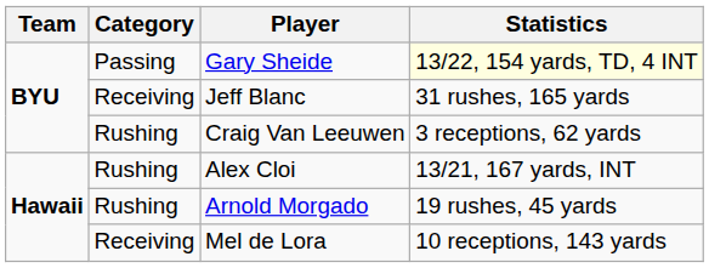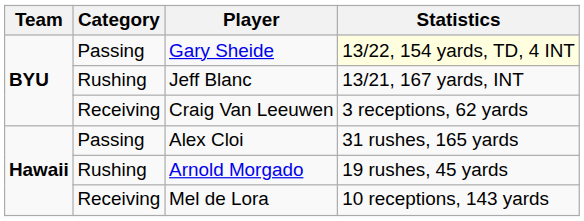 <table class="wikitable" style="float: left;">
 <tr>
 <th>Team</th>
 <th>Category</th>
 <th>Player</th>
 <th>Statistics</th>
 </tr>
 <tr>
 <td rowspan=3><strong>BYU</strong></td>
 <td>Passing</td>
 <td><a href='#'>Gary Sheide</a></td>
 <td style="background: lightyellow;">13/22, 154 yards, TD, 4 INT</td>
 </tr>
 <tr>
-<td>Receiving</td>
+<td>Rushing</td>
 <td>Jeff Blanc</td>
-<td>31 rushes, 165 yards</td>
+<td>13/21, 167 yards, INT</td>
 </tr>
 <tr>
-<td>Rushing</td>
+<td>Receiving</td>
 <td>Craig Van Leeuwen</td>
 <td>3 receptions, 62 yards</td>
 </tr>
 <tr>
 <td rowspan=3><strong>Hawaii</strong></td>
-<td>Rushing</td>
+<td>Passing</td>
 <td>Alex Cloi</td>
-<td>13/21, 167 yards, INT</td>
+<td>31 rushes, 165 yards</td>
 </tr>
 <tr>
 <td>Rushing</td>
 <td><a href='#'>Arnold Morgado</a></td>
 <td>19 rushes, 45 yards</td>
 </tr>
 <tr>
 <td>Receiving</td>
 <td>Mel de Lora</td>
 <td>10 receptions, 143 yards</td>
 </tr>
 </table>
